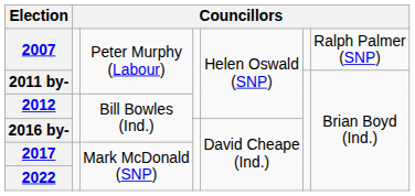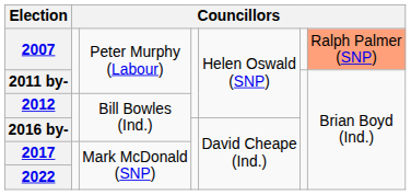 <table class="wikitable" style="text-align:center">
 <tr>
 <th>Election</th>
 <th colspan=8>Councillors</th>
 </tr>
 <tr>
 <th><a href='#'>2007</a></th>
 <td rowspan=2; style="background-color: "></td>
 <td rowspan=2>Peter Murphy<br>(<a href='#'>Labour</a>)</td>
 <td rowspan=3; style="background-color: "></td>
 <td rowspan=3>Helen Oswald<br>(<a href='#'>SNP</a>)</td>
 <td rowspan=1; style="background-color: "></td>
-<td rowspan=1>Ralph Palmer<br>(<a href='#'>SNP</a>)</td>
+<td rowspan=1 style="background: lightsalmon;">Ralph Palmer<br>(<a href='#'>SNP</a>)</td>
 </tr>
 <tr>
 <th>2011 by-</th>
 <td rowspan=5; style="background-color: "></td>
 <td rowspan=5>Brian Boyd<br>(Ind.)</td>
 </tr>
 <tr>
 <th><a href='#'>2012</a></th>
 <td rowspan=2; style="background-color: "></td>
 <td rowspan=2>Bill Bowles<br>(Ind.)</td>
 </tr>
 <tr>
 <th>2016 by-</th>
 <td rowspan=3; style="background-color: "></td>
 <td rowspan=3>David Cheape<br>(Ind.)</td>
 </tr>
 <tr>
 <th><a href='#'>2017</a></th>
 <td rowspan=2; style="background-color: "></td>
 <td rowspan=2>Mark McDonald<br>(<a href='#'>SNP</a>)</td>
 </tr>
 <tr>
 <th><a href='#'>2022</a></th>
 </tr>
 </table>
